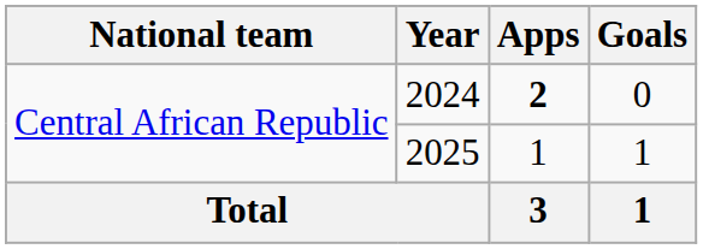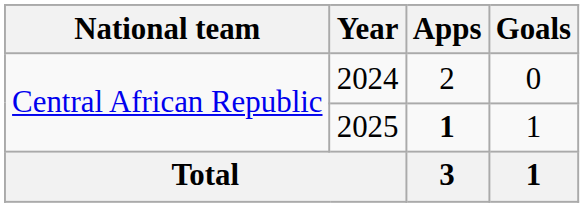 <table class=wikitable style=text-align:center>
 <tr>
 <th>National team</th>
 <th>Year</th>
 <th>Apps</th>
 <th>Goals</th>
 </tr>
 <tr>
 <td rowspan=2><a href='#'>Central African Republic</a></td>
 <td>2024</td>
-<td><strong>2</strong></td>
+<td>2</td>
 <td>0</td>
 </tr>
 <tr>
 <td>2025</td>
-<td>1</td>
+<td><strong>1</strong></td>
 <td>1</td>
 </tr>
 <tr>
 <th colspan="2">Total</th>
 <th>3</th>
 <th>1</th>
 </tr>
 </table>
